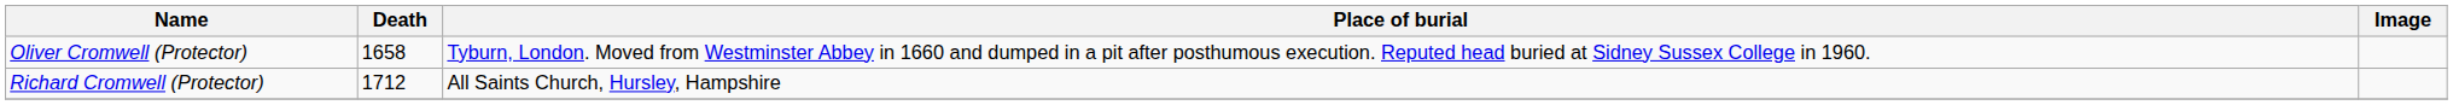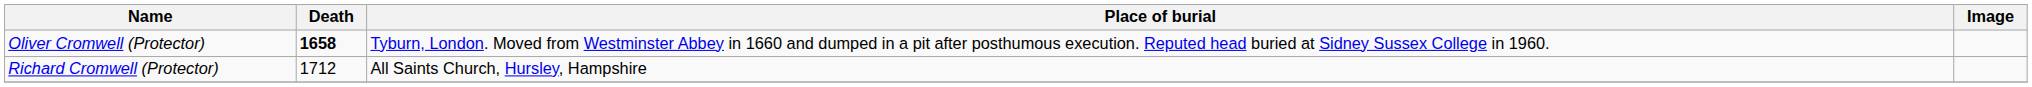 <table class="wikitable" width="100%">
 <tr>
 <th>Name</th>
 <th>Death</th>
 <th>Place of burial</th>
 <th>Image</th>
 </tr>
 <tr>
 <td><em><a href='#'>Oliver Cromwell</a> (Protector)</em></td>
-<td>1658</td>
+<td><strong>1658</strong></td>
 <td><a href='#'>Tyburn, London</a>. Moved from <a href='#'>Westminster Abbey</a> in 1660 and dumped in a pit after posthumous execution. <a href='#'>Reputed head</a> buried at <a href='#'>Sidney Sussex College</a> in 1960.</td>
 <td></td>
 </tr>
 <tr>
 <td><em><a href='#'>Richard Cromwell</a> (Protector)</em></td>
 <td>1712</td>
 <td>All Saints Church, <a href='#'>Hursley</a>, Hampshire</td>
 <td></td>
 </tr>
 <tr>
 </tr>
 </table>
